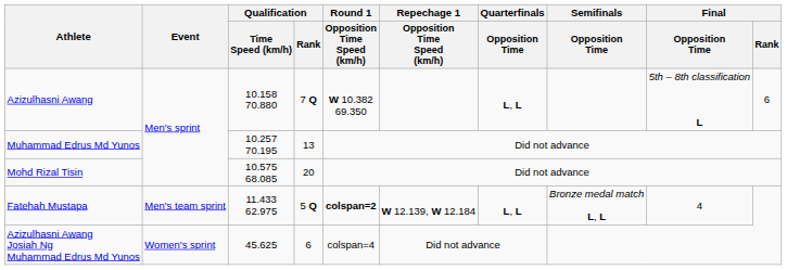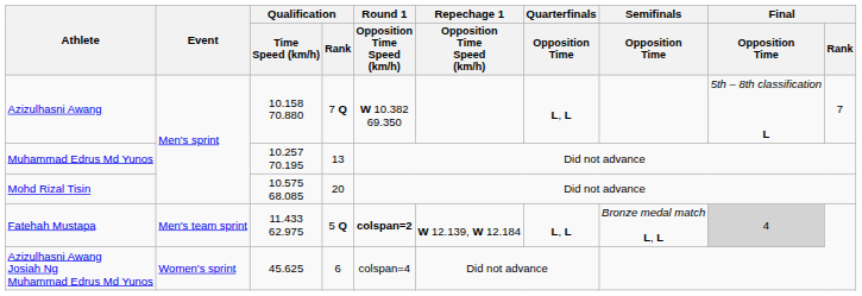 <table class="wikitable" style="font-size:90%;">
 <tr>
 <th rowspan=2>Athlete</th>
 <th rowspan=2>Event</th>
 <th colspan=2>Qualification</th>
 <th>Round 1</th>
 <th>Repechage 1</th>
 <th>Quarterfinals</th>
 <th>Semifinals</th>
 <th colspan=2>Final</th>
 </tr>
 <tr style="font-size:95%">
 <th>Time<br>Speed (km/h)</th>
 <th>Rank</th>
 <th>Opposition<br>Time<br>Speed<br>(km/h)</th>
 <th>Opposition<br>Time<br>Speed<br>(km/h)</th>
 <th>Opposition<br>Time</th>
 <th>Opposition<br>Time</th>
 <th>Opposition<br>Time</th>
 <th>Rank</th>
 </tr>
 <tr align=center>
 <td align=left><a href='#'>Azizulhasni Awang</a></td>
 <td align=left rowspan=3><a href='#'>Men's sprint</a></td>
 <td>10.158<br>70.880</td>
 <td>7 <strong>Q</strong></td>
 <td><br><strong>W</strong> 10.382<br>69.350</td>
 <td></td>
 <td><br><strong>L</strong>, <strong>L</strong></td>
 <td></td>
 <td><em>5th – 8th classification</em><br><br><br><br><strong>L</strong></td>
-<td>6</td>
+<td>7</td>
 </tr>
 <tr align=center>
 <td align=left><a href='#'>Muhammad Edrus Md Yunos</a></td>
 <td>10.257<br>70.195</td>
 <td>13</td>
 <td colspan="6">Did not advance</td>
 </tr>
 <tr align=center>
 <td align=left><a href='#'>Mohd Rizal Tisin</a></td>
 <td>10.575<br>68.085</td>
 <td>20</td>
 <td colspan="6">Did not advance</td>
 </tr>
 <tr align=center>
 <td align=left><a href='#'>Fatehah Mustapa</a></td>
 <td align=left><a href='#'>Men's team sprint</a></td>
 <td>11.433<br>62.975</td>
 <td>5 <strong>Q</strong></td>
 <td><strong>colspan=2 </strong></td>
 <td><br><strong>W</strong> 12.139, <strong>W</strong> 12.184</td>
 <td><br><strong>L</strong>, <strong>L</strong></td>
 <td><em>Bronze medal match</em><br><br><strong>L</strong>, <strong>L</strong></td>
-<td>4</td>
+<td style="background: lightgrey;">4</td>
 </tr>
 <tr align=center>
 <td align=left><a href='#'>Azizulhasni Awang</a><br><a href='#'>Josiah Ng</a><br><a href='#'>Muhammad Edrus Md Yunos</a></td>
 <td align=left><a href='#'>Women's sprint</a></td>
 <td>45.625</td>
 <td>6</td>
 <td>colspan=4 </td>
 <td colspan="2">Did not advance</td>
 </tr>
 </table>
